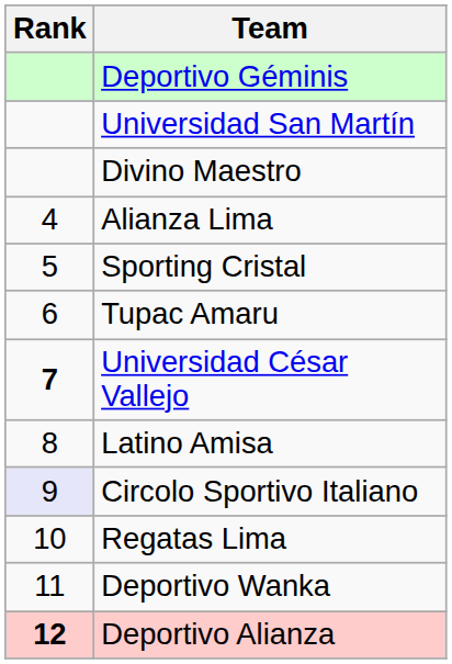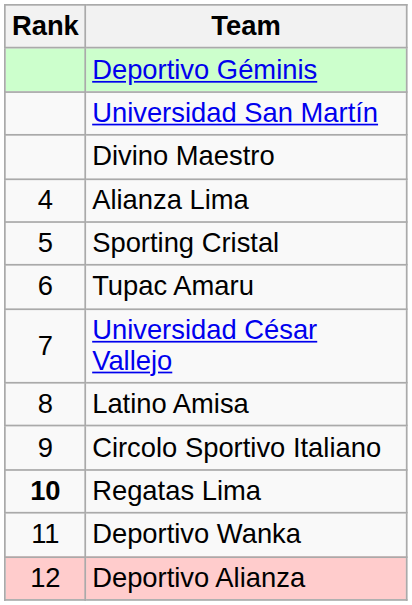 <table class="wikitable" style="text-align: center;">
 <tr>
 <th width=40>Rank</th>
 <th width=180>Team</th>
 </tr>
 <tr bgcolor=#ccffcc align=center>
 <td></td>
 <td style="text-align:left;"><a href='#'>Deportivo Géminis</a></td>
 </tr>
 <tr align=center>
 <td></td>
 <td style="text-align:left;"><a href='#'>Universidad San Martín</a></td>
 </tr>
 <tr align=center>
 <td></td>
 <td style="text-align:left;">Divino Maestro</td>
 </tr>
 <tr align=center>
 <td>4</td>
 <td style="text-align:left;">Alianza Lima</td>
 </tr>
 <tr align=center>
 <td>5</td>
 <td style="text-align:left;">Sporting Cristal</td>
 </tr>
 <tr align=center>
 <td>6</td>
 <td style="text-align:left;">Tupac Amaru</td>
 </tr>
 <tr align=center>
-<td><strong>7</strong></td>
+<td>7</td>
 <td style="text-align:left;"><a href='#'>Universidad César Vallejo</a></td>
 </tr>
 <tr align=center>
 <td>8</td>
 <td style="text-align:left;">Latino Amisa</td>
 </tr>
 <tr align=center>
-<td style="background: lavender;">9</td>
+<td>9</td>
 <td style="text-align:left;">Circolo Sportivo Italiano</td>
 </tr>
 <tr align=center>
-<td>10</td>
+<td><strong>10</strong></td>
 <td style="text-align:left;">Regatas Lima</td>
 </tr>
 <tr align=center>
 <td>11</td>
 <td style="text-align:left;">Deportivo Wanka</td>
 </tr>
 <tr bgcolor=#ffcccc align=center>
-<td><strong>12</strong></td>
+<td>12</td>
 <td style="text-align:left;">Deportivo Alianza</td>
 </tr>
 </table>
